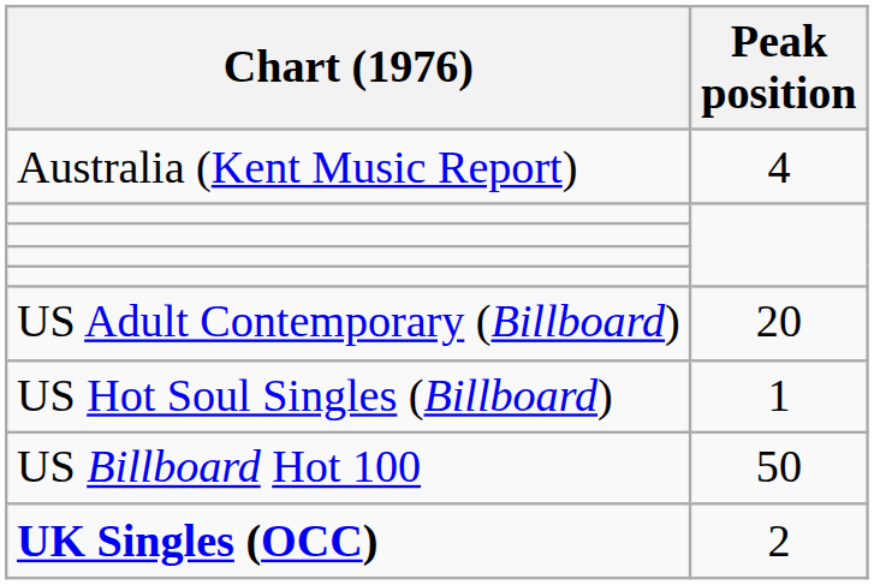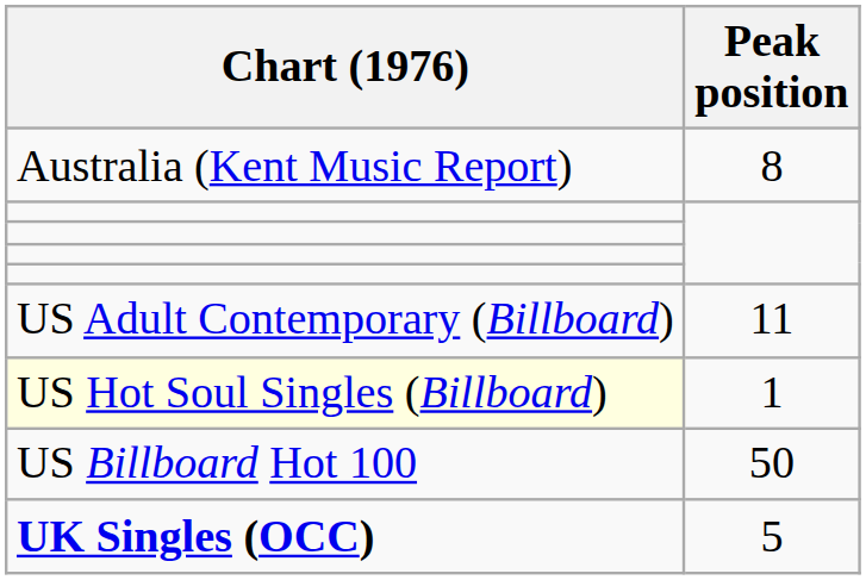 <table class="wikitable sortable">
 <tr>
 <th>Chart (1976)</th>
 <th>Peak<br>position</th>
 </tr>
 <tr>
 <td>Australia (<a href='#'>Kent Music Report</a>)</td>
-<td style="text-align:center;">4</td>
+<td style="text-align:center;">8</td>
 </tr>
 <tr>
 <td></td>
 </tr>
 <tr>
 <td></td>
 </tr>
 <tr>
 <td></td>
 </tr>
 <tr>
 <td></td>
 </tr>
 <tr>
 <td>US <a href='#'>Adult Contemporary</a> (<em><a href='#'>Billboard</a></em>)</td>
-<td style="text-align:center;">20</td>
+<td style="text-align:center;">11</td>
 </tr>
 <tr>
-<td>US <a href='#'>Hot Soul Singles</a> (<em><a href='#'>Billboard</a></em>)</td>
+<td style="background: lightyellow;">US <a href='#'>Hot Soul Singles</a> (<em><a href='#'>Billboard</a></em>)</td>
 <td style="text-align:center;">1</td>
 </tr>
 <tr>
 <td>US <em><a href='#'>Billboard</a></em> <a href='#'>Hot 100</a></td>
 <td align=center>50</td>
 </tr>
 <tr>
 <td><strong><a href='#'>UK Singles</a> (<a href='#'>OCC</a>)</strong></td>
-<td style="text-align:center;">2</td>
+<td style="text-align:center;">5</td>
 </tr>
 </table>
